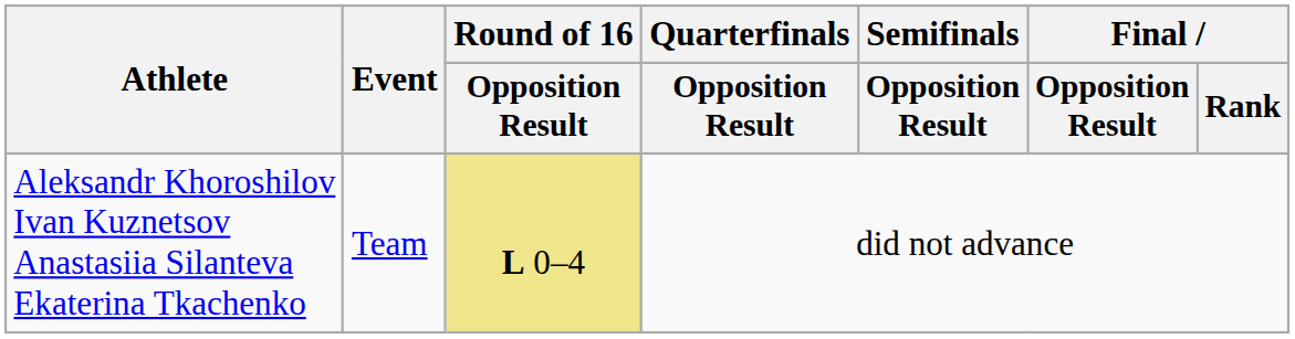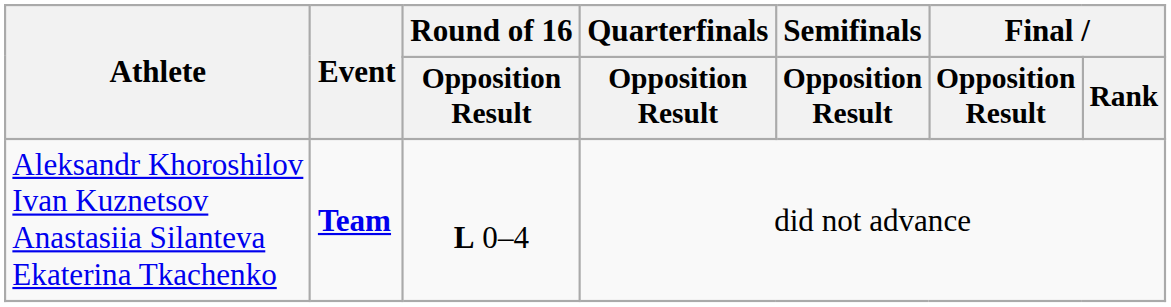 <table class="wikitable" style="font-size:90%">
 <tr>
 <th rowspan="2">Athlete</th>
 <th rowspan="2">Event</th>
 <th>Round of 16</th>
 <th>Quarterfinals</th>
 <th>Semifinals</th>
 <th colspan=2>Final / </th>
 </tr>
 <tr style="font-size:95%">
 <th>Opposition<br>Result</th>
 <th>Opposition<br>Result</th>
 <th>Opposition<br>Result</th>
 <th>Opposition<br>Result</th>
 <th>Rank</th>
 </tr>
 <tr align=center>
 <td align="left"><a href='#'>Aleksandr Khoroshilov</a><br><a href='#'>Ivan Kuznetsov</a><br><a href='#'>Anastasiia Silanteva</a><br><a href='#'>Ekaterina Tkachenko</a></td>
-<td align="left"><a href='#'>Team</a></td>
-<td style="background: khaki;"><br><strong>L</strong> 0–4</td>
+<td align="left"><strong><a href='#'>Team</a></strong></td>
+<td><br><strong>L</strong> 0–4</td>
 <td colspan=4>did not advance</td>
 </tr>
 </table>
